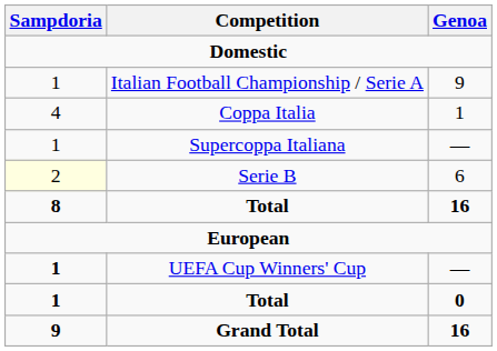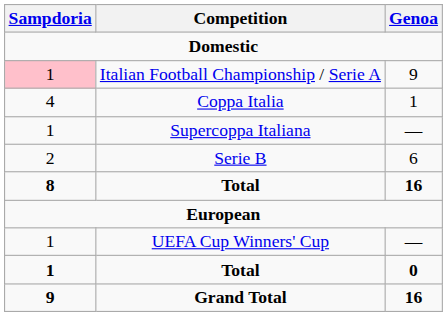 <table class="wikitable sortable">
 <tr>
 <th><a href='#'>Sampdoria</a></th>
 <th>Competition</th>
 <th><a href='#'>Genoa</a></th>
 </tr>
 <tr style="text-align:center;">
 <td colspan="4"><strong>Domestic</strong></td>
 </tr>
 <tr style="text-align:center;">
-<td>1</td>
+<td style="background: pink;">1</td>
 <td><a href='#'>Italian Football Championship</a> / <a href='#'>Serie A</a></td>
 <td>9</td>
 </tr>
 <tr style="text-align:center;">
 <td>4</td>
 <td><a href='#'>Coppa Italia</a></td>
 <td>1</td>
 </tr>
 <tr style="text-align:center;">
 <td>1</td>
 <td><a href='#'>Supercoppa Italiana</a></td>
 <td>—</td>
 </tr>
 <tr style="text-align:center;">
-<td style="background: lightyellow;">2</td>
+<td>2</td>
 <td><a href='#'>Serie B</a></td>
 <td>6</td>
 </tr>
 <tr align="center">
 <td><strong>8</strong></td>
 <td><strong>Total</strong></td>
 <td><strong>16</strong></td>
 </tr>
 <tr style="text-align:center;">
 <td colspan="4"><strong>European</strong></td>
 </tr>
 <tr style="text-align:center;">
-<td><strong>1</strong></td>
+<td>1</td>
 <td><a href='#'>UEFA Cup Winners' Cup</a></td>
 <td>—</td>
 </tr>
 <tr style="text-align:center;">
 <td><strong>1</strong></td>
 <td><strong>Total</strong></td>
 <td><strong>0</strong></td>
 </tr>
 <tr align="center">
 <td><strong>9</strong></td>
 <td><strong>Grand Total</strong></td>
 <td><strong>16</strong></td>
 </tr>
 </table>
